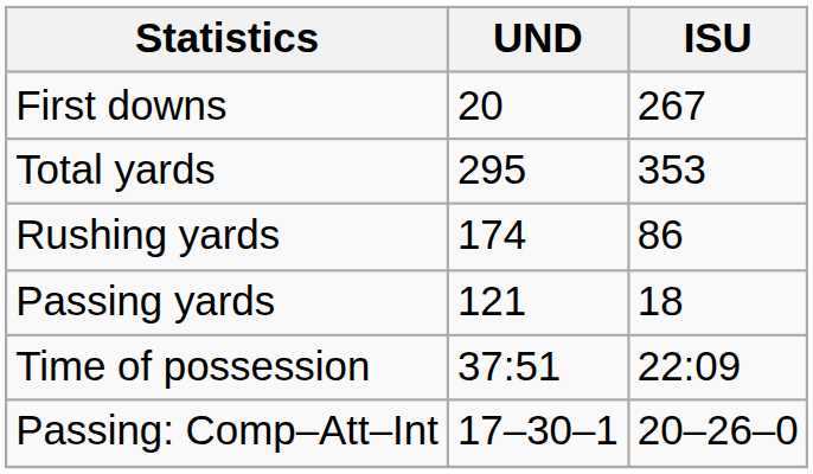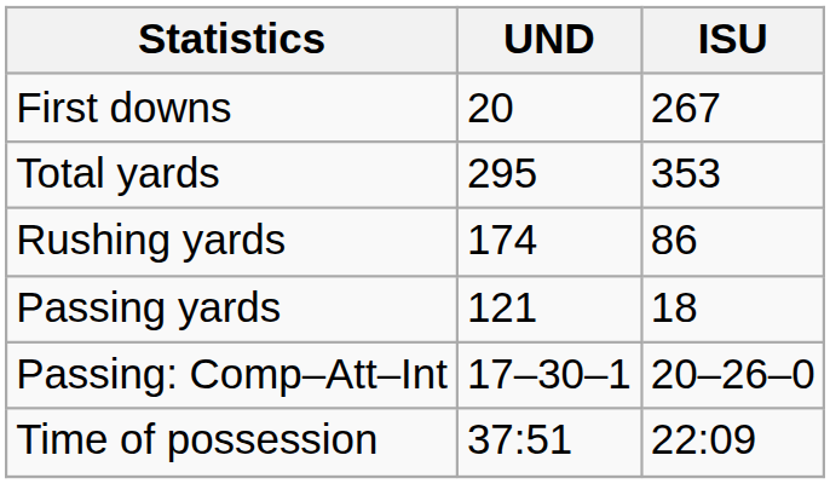 <table class="wikitable" style="float: left;">
 <tr>
 <th>Statistics</th>
 <th>UND</th>
 <th>ISU</th>
 </tr>
 <tr>
 <td>First downs</td>
 <td>20</td>
 <td>267</td>
 </tr>
 <tr>
 <td>Total yards</td>
 <td>295</td>
 <td>353</td>
 </tr>
 <tr>
 <td>Rushing yards</td>
 <td>174</td>
 <td>86</td>
 </tr>
 <tr>
 <td>Passing yards</td>
 <td>121</td>
 <td>18</td>
 </tr>
 <tr>
+<td>Passing: Comp–Att–Int</td>
+<td>17–30–1</td>
+<td>20–26–0</td>
+</tr>
+<tr>
 <td>Time of possession</td>
 <td>37:51</td>
 <td>22:09</td>
 </tr>
 <tr>
-<td>Passing: Comp–Att–Int</td>
-<td>17–30–1</td>
-<td>20–26–0</td>
-</tr>
-<tr>
 </tr>
 </table>
